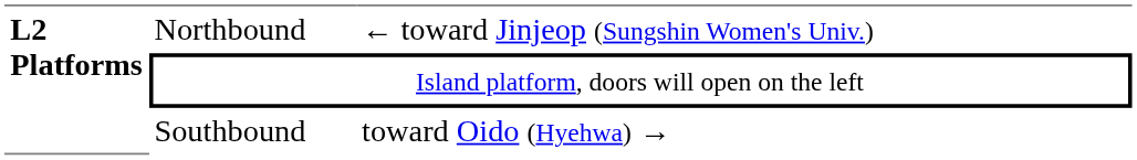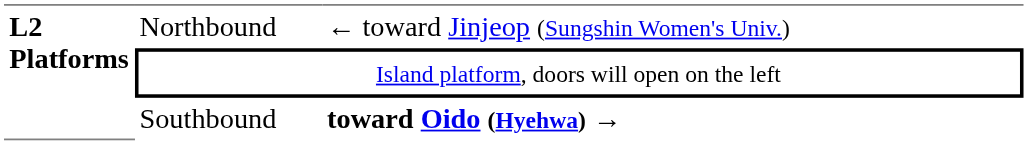 <table table border=0 cellspacing=0 cellpadding=3>
 <tr>
 <td style="border-top:solid 1px gray;border-bottom:solid 1px gray;" width=50 rowspan=10 valign=top><strong>L2<br>Platforms</strong></td>
 <td style="border-bottom:solid 0px gray;border-top:solid 1px gray;" width=100>Northbound</td>
 <td style="border-bottom:solid 0px gray;border-top:solid 1px gray;" width=390>←  toward <a href='#'>Jinjeop</a> <small>(<a href='#'>Sungshin Women's Univ.</a>)</small></td>
 </tr>
 <tr>
 <td style="border-top:solid 2px black;border-right:solid 2px black;border-left:solid 2px black;border-bottom:solid 2px black;text-align:center;" colspan=2><small><a href='#'>Island platform</a>, doors will open on the left</small></td>
 </tr>
 <tr>
 <td>Southbound</td>
-<td>  toward <a href='#'>Oido</a> <small>(<a href='#'>Hyehwa</a>)</small> →</td>
+<td><strong>  toward <a href='#'>Oido</a> <small>(<a href='#'>Hyehwa</a>)</small> →</strong></td>
 </tr>
 </table>
